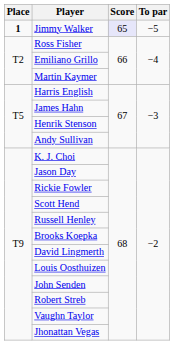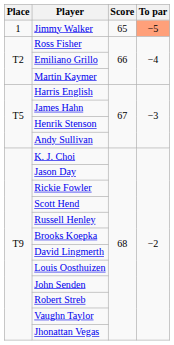 <table class="wikitable">
 <tr>
 <th>Place</th>
 <th>Player</th>
 <th>Score</th>
 <th>To par</th>
 </tr>
 <tr>
-<td align=center><strong>1</strong></td>
+<td align=center>1</td>
 <td> <a href='#'>Jimmy Walker</a></td>
-<td align=center style="background: lavender;">65</td>
-<td align=center>−5</td>
+<td align=center>65</td>
+<td align=center style="background: lightsalmon;">−5</td>
 </tr>
 <tr>
 <td rowspan=3 align=center>T2</td>
 <td> <a href='#'>Ross Fisher</a></td>
 <td rowspan=3 align=center>66</td>
 <td rowspan=3 align=center>−4</td>
 </tr>
 <tr>
 <td> <a href='#'>Emiliano Grillo</a></td>
 </tr>
 <tr>
 <td> <a href='#'>Martin Kaymer</a></td>
 </tr>
 <tr>
 <td rowspan=4 align=center>T5</td>
 <td> <a href='#'>Harris English</a></td>
 <td rowspan=4 align=center>67</td>
 <td rowspan=4 align=center>−3</td>
 </tr>
 <tr>
 <td> <a href='#'>James Hahn</a></td>
 </tr>
 <tr>
 <td> <a href='#'>Henrik Stenson</a></td>
 </tr>
 <tr>
 <td> <a href='#'>Andy Sullivan</a></td>
 </tr>
 <tr>
 <td rowspan=12 align=center>T9</td>
 <td> <a href='#'>K. J. Choi</a></td>
 <td rowspan=12 align=center>68</td>
 <td rowspan=12 align=center>−2</td>
 </tr>
 <tr>
 <td> <a href='#'>Jason Day</a></td>
 </tr>
 <tr>
 <td> <a href='#'>Rickie Fowler</a></td>
 </tr>
 <tr>
 <td> <a href='#'>Scott Hend</a></td>
 </tr>
 <tr>
 <td> <a href='#'>Russell Henley</a></td>
 </tr>
 <tr>
 <td> <a href='#'>Brooks Koepka</a></td>
 </tr>
 <tr>
 <td> <a href='#'>David Lingmerth</a></td>
 </tr>
 <tr>
 <td> <a href='#'>Louis Oosthuizen</a></td>
 </tr>
 <tr>
 <td> <a href='#'>John Senden</a></td>
 </tr>
 <tr>
 <td> <a href='#'>Robert Streb</a></td>
 </tr>
 <tr>
 <td> <a href='#'>Vaughn Taylor</a></td>
 </tr>
 <tr>
 <td> <a href='#'>Jhonattan Vegas</a></td>
 </tr>
 </table>
